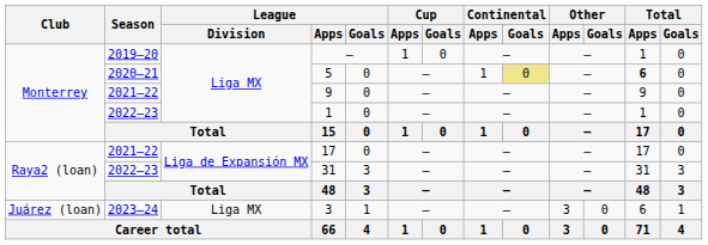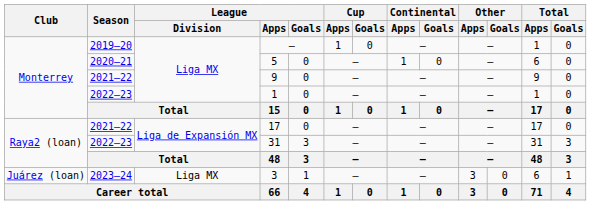 <table class="wikitable" style="text-align: center">
 <tr>
 <th rowspan="2">Club</th>
 <th rowspan="2">Season</th>
 <th colspan="3">League</th>
 <th colspan="2">Cup</th>
 <th colspan="2">Continental</th>
 <th colspan="2">Other</th>
 <th colspan="2">Total</th>
 </tr>
 <tr>
 <th>Division</th>
 <th>Apps</th>
 <th>Goals</th>
 <th>Apps</th>
 <th>Goals</th>
 <th>Apps</th>
 <th>Goals</th>
 <th>Apps</th>
 <th>Goals</th>
 <th>Apps</th>
 <th>Goals</th>
 </tr>
 <tr>
 <td rowspan="5"><a href='#'>Monterrey</a></td>
 <td><a href='#'>2019–20</a></td>
 <td rowspan="4"><a href='#'>Liga MX</a></td>
 <td colspan="2">–</td>
 <td>1</td>
 <td>0</td>
 <td colspan="2">–</td>
 <td colspan="2">–</td>
 <td>1</td>
 <td>0</td>
 </tr>
 <tr>
 <td><a href='#'>2020–21</a></td>
 <td>5</td>
 <td>0</td>
 <td colspan="2">–</td>
 <td>1</td>
-<td style="background: khaki;">0</td>
+<td>0</td>
 <td colspan="2">–</td>
-<td><strong>6</strong></td>
+<td>6</td>
 <td>0</td>
 </tr>
 <tr>
 <td><a href='#'>2021–22</a></td>
 <td>9</td>
 <td>0</td>
 <td colspan="2">–</td>
 <td colspan="2">–</td>
 <td colspan="2">–</td>
 <td>9</td>
 <td>0</td>
 </tr>
 <tr>
 <td><a href='#'>2022–23</a></td>
 <td>1</td>
 <td>0</td>
 <td colspan="2">–</td>
 <td colspan="2">–</td>
 <td colspan="2">–</td>
 <td>1</td>
 <td>0</td>
 </tr>
 <tr>
 <th colspan="2">Total</th>
 <th>15</th>
 <th>0</th>
 <th>1</th>
 <th>0</th>
 <th>1</th>
 <th>0</th>
 <th colspan="2">–</th>
 <th>17</th>
 <th>0</th>
 </tr>
 <tr>
 <td rowspan="3"><a href='#'>Raya2</a> (loan)</td>
 <td><a href='#'>2021–22</a></td>
 <td rowspan="2"><a href='#'>Liga de Expansión MX</a></td>
 <td>17</td>
 <td>0</td>
 <td colspan="2">–</td>
 <td colspan="2">–</td>
 <td colspan="2">–</td>
 <td>17</td>
 <td>0</td>
 </tr>
 <tr>
 <td><a href='#'>2022–23</a></td>
 <td>31</td>
 <td>3</td>
 <td colspan="2">–</td>
 <td colspan="2">–</td>
 <td colspan="2">–</td>
 <td>31</td>
 <td>3</td>
 </tr>
 <tr>
 <th colspan="2">Total</th>
 <th>48</th>
 <th>3</th>
 <th colspan="2">–</th>
 <th colspan="2">–</th>
 <th colspan="2">–</th>
 <th>48</th>
 <th>3</th>
 </tr>
 <tr>
 <td><a href='#'>Juárez</a> (loan)</td>
 <td><a href='#'>2023–24</a></td>
 <td>Liga MX</td>
 <td>3</td>
 <td>1</td>
 <td colspan="2">–</td>
 <td colspan="2">–</td>
 <td>3</td>
 <td>0</td>
 <td>6</td>
 <td>1</td>
 </tr>
 <tr>
 <th colspan=3>Career total</th>
 <th>66</th>
 <th>4</th>
 <th>1</th>
 <th>0</th>
 <th>1</th>
 <th>0</th>
 <th>3</th>
 <th>0</th>
 <th>71</th>
 <th>4</th>
 </tr>
 </table>
